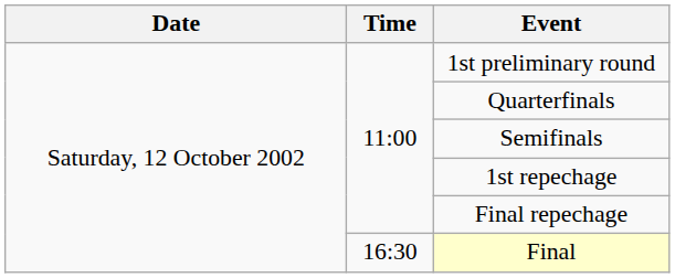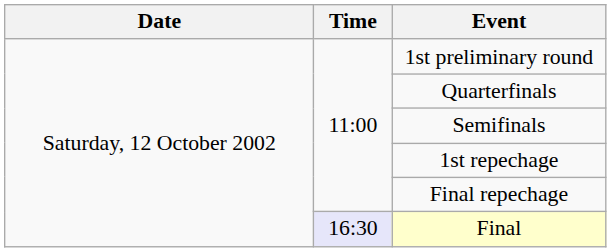 <table class = "wikitable" style="text-align:center;">
 <tr>
 <th width=220>Date</th>
 <th width=50>Time</th>
 <th width=150>Event</th>
 </tr>
 <tr>
 <td rowspan=6>Saturday, 12 October 2002</td>
 <td rowspan=5>11:00</td>
 <td>1st preliminary round</td>
 </tr>
 <tr>
 <td>Quarterfinals</td>
 </tr>
 <tr>
 <td>Semifinals</td>
 </tr>
 <tr>
 <td>1st repechage</td>
 </tr>
 <tr>
 <td>Final repechage</td>
 </tr>
 <tr>
-<td>16:30</td>
+<td style="background: lavender;">16:30</td>
 <td bgcolor=ffffcc>Final</td>
 </tr>
 </table>
